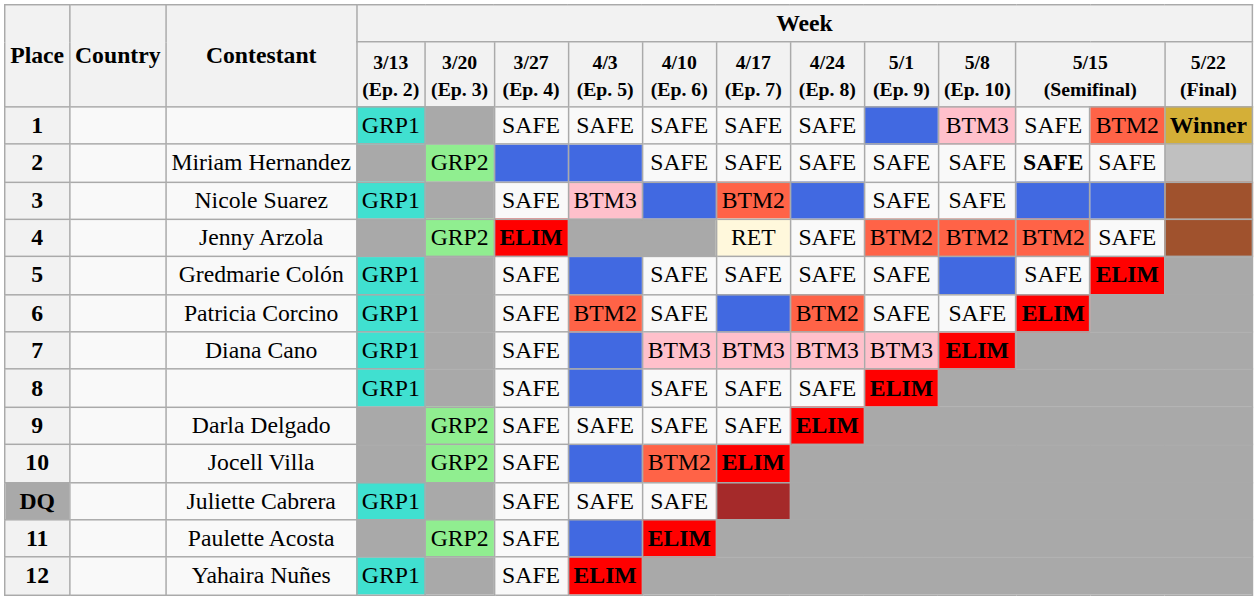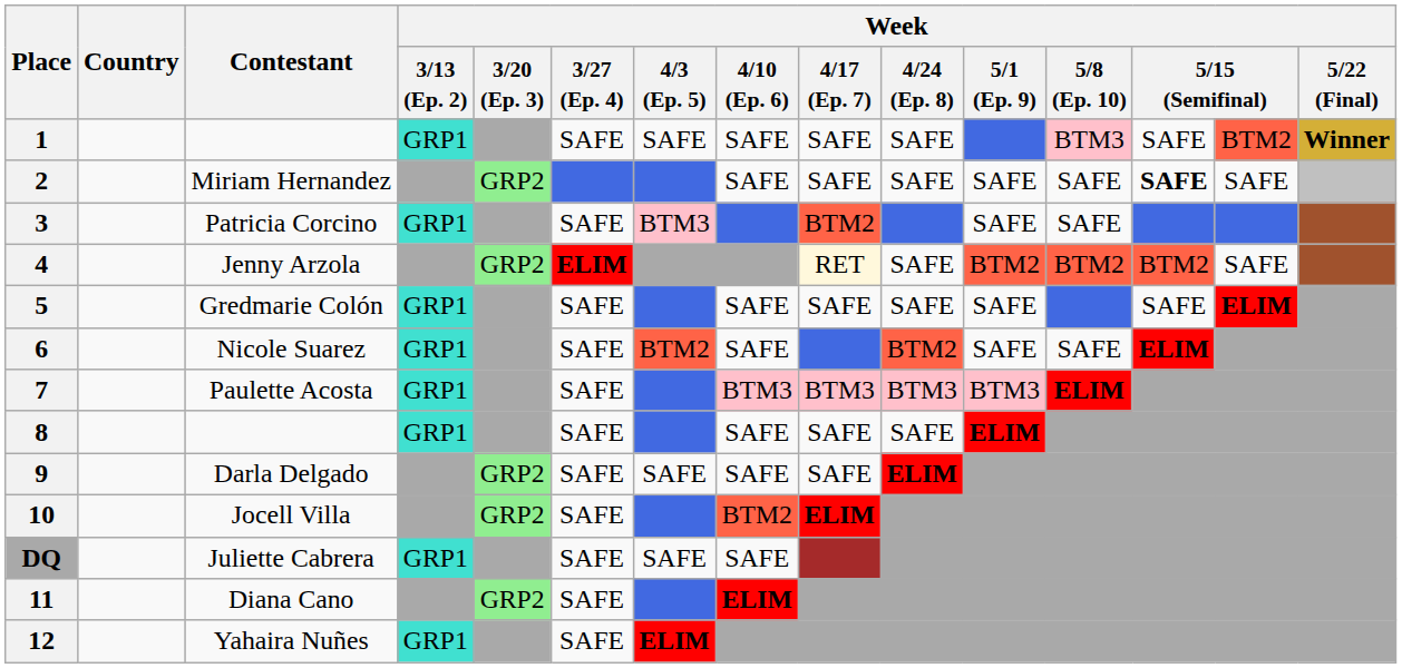 <table class="wikitable" style="text-align:center">
 <tr>
 <th rowspan="2">Place</th>
 <th rowspan="2">Country</th>
 <th rowspan="2">Contestant</th>
 <th colspan="14">Week</th>
 </tr>
 <tr>
 <th><small>3/13 <br>(Ep. 2)</small></th>
 <th><small>3/20 <br>(Ep. 3)</small></th>
 <th><small>3/27 <br>(Ep. 4)</small></th>
 <th><small>4/3 <br>(Ep. 5)</small></th>
 <th><small>4/10<br>(Ep. 6)</small></th>
 <th><small>4/17<br>(Ep. 7)</small></th>
 <th><small>4/24<br>(Ep. 8)</small></th>
 <th><small>5/1<br>(Ep. 9)</small></th>
 <th><small>5/8<br>(Ep. 10)</small></th>
 <th colspan="2"><small>5/15<br>(Semifinal)</small></th>
 <th><small>5/22<br>(Final)</small></th>
 </tr>
 <tr>
 <th>1</th>
 <td><strong></strong></td>
 <td></td>
 <td style="background:turquoise;">GRP1</td>
 <td style="background:darkgray;"></td>
 <td>SAFE</td>
 <td>SAFE</td>
 <td>SAFE</td>
 <td>SAFE</td>
 <td>SAFE</td>
 <td style="background:royalblue;"><strong></strong></td>
 <td style="background:pink;">BTM3</td>
 <td>SAFE</td>
 <td style="background:tomato;">BTM2</td>
 <td style="background:#D4AF37;"><strong>Winner</strong></td>
 </tr>
 <tr>
 <th>2</th>
 <td><strong></strong></td>
 <td>Miriam Hernandez</td>
 <td style="background:darkgray;"></td>
 <td style="background:lightgreen;">GRP2</td>
 <td style="background:royalblue;"><strong></strong></td>
 <td style="background:royalblue;"><strong></strong></td>
 <td>SAFE</td>
 <td>SAFE</td>
 <td>SAFE</td>
 <td>SAFE</td>
 <td>SAFE</td>
 <td><strong>SAFE</strong></td>
 <td>SAFE</td>
 <td style="background:silver;"></td>
 </tr>
 <tr>
 <th>3</th>
 <td><strong></strong></td>
-<td>Nicole Suarez</td>
+<td>Patricia Corcino</td>
 <td style="background:turquoise;">GRP1</td>
 <td style="background:darkgray;"></td>
 <td>SAFE</td>
 <td style="background:pink;">BTM3</td>
 <td style="background:royalblue;"><strong></strong></td>
 <td style="background:tomato;">BTM2</td>
 <td style="background:royalblue;"><strong></strong></td>
 <td>SAFE</td>
 <td>SAFE</td>
 <td style="background:royalblue;"><strong></strong></td>
 <td style="background:royalblue;"><strong></strong></td>
 <td style="background:sienna;"></td>
 </tr>
 <tr>
 <th>4</th>
 <td><strong></strong></td>
 <td>Jenny Arzola</td>
 <td style="background:darkgray;"></td>
 <td style="background:lightgreen;">GRP2</td>
 <td style="background:red;"><strong>ELIM</strong></td>
 <td style="background:darkgray;" colspan="2"></td>
 <td style="background:cornsilk;">RET</td>
 <td>SAFE</td>
 <td style="background:tomato;">BTM2</td>
 <td style="background:tomato;">BTM2</td>
 <td style="background:tomato;">BTM2</td>
 <td>SAFE</td>
 <td style="background:sienna;"></td>
 </tr>
 <tr>
 <th>5</th>
 <td><strong></strong></td>
 <td>Gredmarie Colón</td>
 <td style="background:turquoise;">GRP1</td>
 <td style="background:darkgray;"></td>
 <td>SAFE</td>
 <td style="background:royalblue;"><strong></strong></td>
 <td>SAFE</td>
 <td>SAFE</td>
 <td>SAFE</td>
 <td>SAFE</td>
 <td style="background:royalblue;"><strong></strong></td>
 <td>SAFE</td>
 <td style="background:red;"><strong>ELIM</strong></td>
 <td style="background:darkgray;" colspan="11"></td>
 </tr>
 <tr>
 <th>6</th>
 <td><strong></strong></td>
-<td>Patricia Corcino</td>
+<td>Nicole Suarez</td>
 <td style="background:turquoise;">GRP1</td>
 <td style="background:darkgray;"></td>
 <td>SAFE</td>
 <td style="background:tomato;">BTM2</td>
 <td>SAFE</td>
 <td style="background:royalblue;"><strong></strong></td>
 <td style="background:tomato;">BTM2</td>
 <td>SAFE</td>
 <td>SAFE</td>
 <td style="background:red;"><strong>ELIM</strong></td>
 <td style="background:darkgray;" colspan="11"></td>
 </tr>
 <tr>
 <th>7</th>
 <td><strong></strong></td>
-<td>Diana Cano</td>
+<td>Paulette Acosta</td>
 <td style="background:turquoise;">GRP1</td>
 <td style="background:darkgray;"></td>
 <td>SAFE</td>
 <td style="background:royalblue;"><strong></strong></td>
 <td style="background:pink;">BTM3</td>
 <td style="background:pink;">BTM3</td>
 <td style="background:pink;">BTM3</td>
 <td style="background:pink;">BTM3</td>
 <td style="background:red;"><strong>ELIM</strong></td>
 <td style="background:darkgray;" colspan="11"></td>
 </tr>
 <tr>
 <th>8</th>
 <td><strong></strong></td>
 <td></td>
 <td style="background:turquoise;">GRP1</td>
 <td style="background:darkgray;"></td>
 <td>SAFE</td>
 <td style="background:royalblue;"><strong></strong></td>
 <td>SAFE</td>
 <td>SAFE</td>
 <td>SAFE</td>
 <td style="background:red;"><strong>ELIM</strong></td>
 <td style="background:darkgray;" colspan="11"></td>
 </tr>
 <tr>
 <th>9</th>
 <td><strong></strong></td>
 <td>Darla Delgado</td>
 <td style="background:darkgray;"></td>
 <td style="background:lightgreen;">GRP2</td>
 <td>SAFE</td>
 <td>SAFE</td>
 <td>SAFE</td>
 <td>SAFE</td>
 <td style="background:red;"><strong>ELIM</strong></td>
 <td style="background:darkgray;" colspan="11"></td>
 </tr>
 <tr>
 <th>10</th>
 <td><strong></strong></td>
 <td>Jocell Villa</td>
 <td style="background:darkgray;"></td>
 <td style="background:lightgreen;">GRP2</td>
 <td>SAFE</td>
 <td style="background:royalblue;"><strong></strong></td>
 <td style="background:tomato;">BTM2</td>
 <td style="background:red;"><strong>ELIM</strong></td>
 <td style="background:darkgray;" colspan="11"></td>
 </tr>
 <tr>
 <th style="background:darkgray;">DQ</th>
 <td><strong></strong></td>
 <td>Juliette Cabrera</td>
 <td style="background:turquoise;">GRP1</td>
 <td style="background:darkgray;"></td>
 <td>SAFE</td>
 <td>SAFE</td>
 <td>SAFE</td>
 <td style="background:brown;"></td>
 <td style="background:darkgray;" colspan="11"></td>
 </tr>
 <tr>
 <th>11</th>
 <td><strong></strong></td>
-<td>Paulette Acosta</td>
+<td>Diana Cano</td>
 <td style="background:darkgray;"></td>
 <td style="background:lightgreen;">GRP2</td>
 <td>SAFE</td>
 <td style="background:royalblue;"><strong></strong></td>
 <td style="background:red;"><strong>ELIM</strong></td>
 <td style="background:darkgray;" colspan="11"></td>
 </tr>
 <tr>
 <th>12</th>
 <td><strong></strong></td>
 <td>Yahaira Nuñes</td>
 <td style="background:turquoise;">GRP1</td>
 <td style="background:darkgray;"></td>
 <td>SAFE</td>
 <td style="background:red;"><strong>ELIM</strong></td>
 <td style="background:darkgray;" colspan="11"></td>
 </tr>
 </table>
